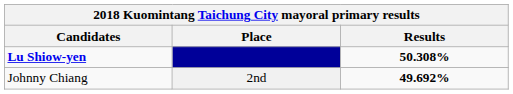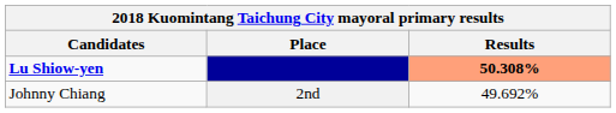 <table class="wikitable collapsible">
 <tr>
 <th colspan="5" width=600>2018 Kuomintang <a href='#'>Taichung City</a> mayoral primary results</th>
 </tr>
 <tr>
 <th width=80>Candidates</th>
 <th width=80>Place</th>
 <th width=80>Results</th>
 </tr>
 <tr>
 <td><strong><a href='#'>Lu Shiow-yen</a></strong></td>
 <td style="background: #000099; text-align:center"><strong></strong></td>
-<td style="text-align:center"><strong>50.308%</strong></td>
+<td style="background: lightsalmon; text-align:center"><strong>50.308%</strong></td>
 </tr>
 <tr>
 <td>Johnny Chiang</td>
 <td style="background: #f1f1f1; text-align:center">2nd</td>
-<td style="text-align:center"><strong>49.692%</strong></td>
+<td style="text-align:center">49.692%</td>
 </tr>
 </table>
